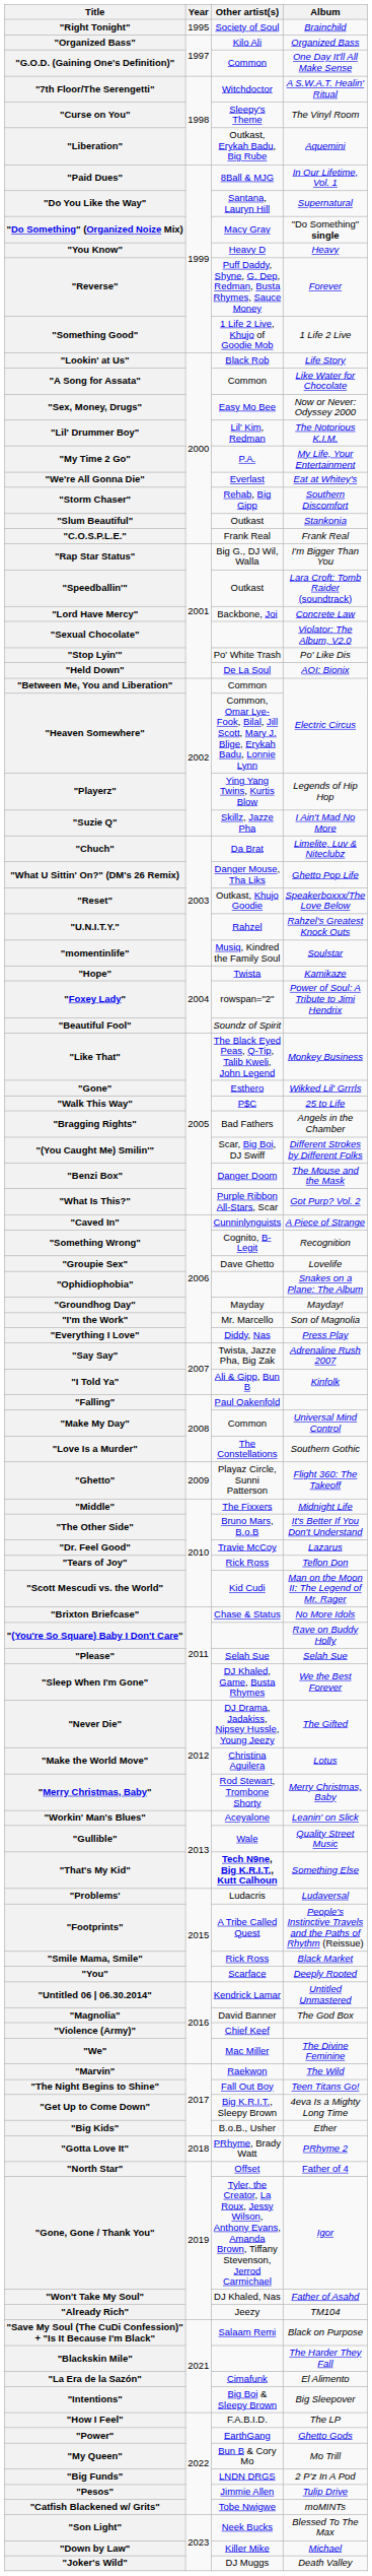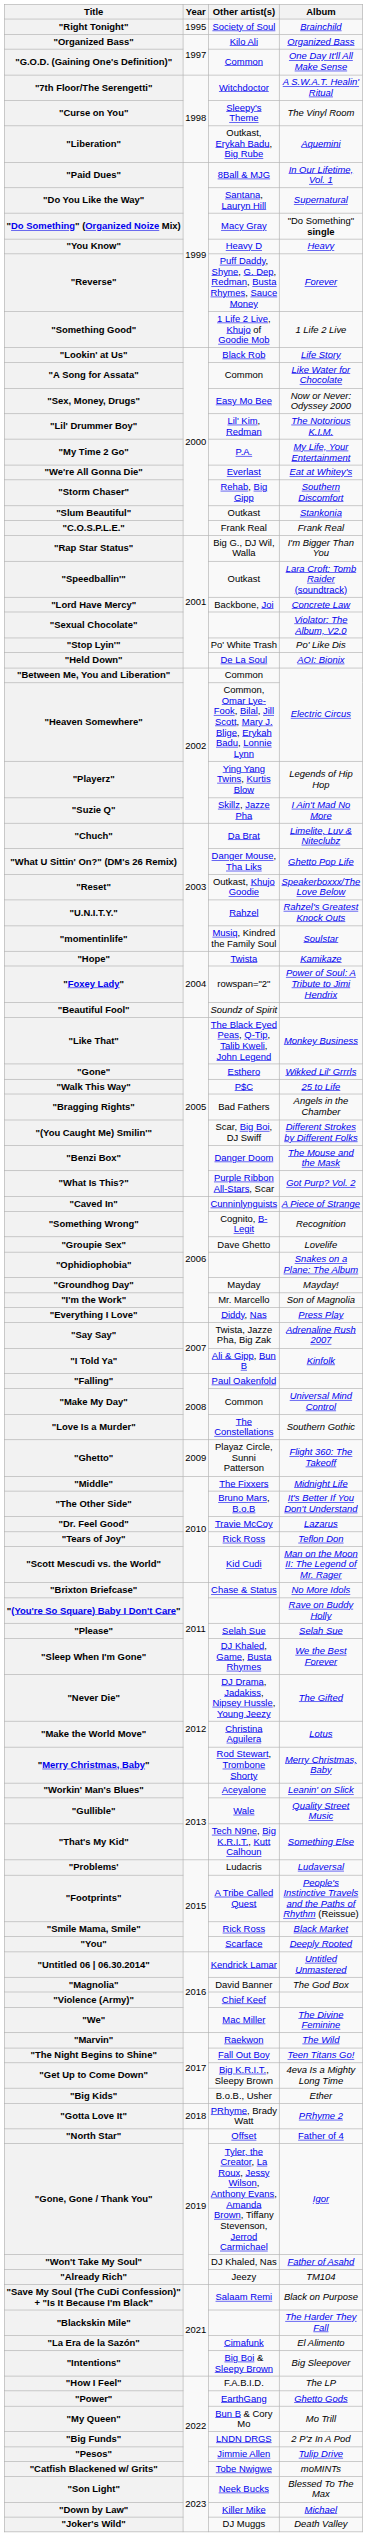 <table class="wikitable plainrowheaders" style="text-align:center;">
 <tr>
 <th scope="col" style="width:22.5em;">Title</th>
 <th scope="col">Year</th>
 <th scope="col">Other artist(s)</th>
 <th scope="col">Album</th>
 </tr>
 <tr>
 <th scope="row">"Right Tonight"</th>
 <td>1995</td>
 <td><a href='#'>Society of Soul</a></td>
 <td><em><a href='#'>Brainchild</a></em></td>
 </tr>
 <tr>
 <th scope="row">"Organized Bass"</th>
 <td rowspan="2">1997</td>
 <td><a href='#'>Kilo Ali</a></td>
 <td><em><a href='#'>Organized Bass</a></em></td>
 </tr>
 <tr>
 <th scope="row">"G.O.D. (Gaining One's Definition)"</th>
 <td><a href='#'>Common</a></td>
 <td><em><a href='#'>One Day It'll All Make Sense</a></em></td>
 </tr>
 <tr>
 <th scope="row">"7th Floor/The Serengetti"</th>
 <td rowspan="3">1998</td>
 <td><a href='#'>Witchdoctor</a></td>
 <td><em><a href='#'>A S.W.A.T. Healin' Ritual</a></em></td>
 </tr>
 <tr>
 <th scope="row">"Curse on You"</th>
 <td><a href='#'>Sleepy's Theme</a></td>
 <td><em>The Vinyl Room</em></td>
 </tr>
 <tr>
 <th scope="row">"Liberation"</th>
 <td>Outkast, <a href='#'>Erykah Badu</a>, <a href='#'>Big Rube</a></td>
 <td><em><a href='#'>Aquemini</a></em></td>
 </tr>
 <tr>
 <th scope="row">"Paid Dues"</th>
 <td rowspan="6">1999</td>
 <td><a href='#'>8Ball & MJG</a></td>
 <td><em><a href='#'>In Our Lifetime, Vol. 1</a></em></td>
 </tr>
 <tr>
 <th scope="row">"Do You Like the Way"</th>
 <td><a href='#'>Santana</a>, <a href='#'>Lauryn Hill</a></td>
 <td><em><a href='#'>Supernatural</a></em></td>
 </tr>
 <tr>
 <th scope="row">"<a href='#'>Do Something</a>" (<a href='#'>Organized Noize</a> Mix)</th>
 <td><a href='#'>Macy Gray</a></td>
 <td>"Do Something" <strong>single</strong></td>
 </tr>
 <tr>
 <th scope="row">"You Know"</th>
 <td><a href='#'>Heavy D</a></td>
 <td><em><a href='#'>Heavy</a></em></td>
 </tr>
 <tr>
 <th scope="row">"Reverse"</th>
 <td><a href='#'>Puff Daddy</a>, <a href='#'>Shyne</a>, <a href='#'>G. Dep</a>, <a href='#'>Redman</a>, <a href='#'>Busta Rhymes</a>, <a href='#'>Sauce Money</a></td>
 <td><em><a href='#'>Forever</a></em></td>
 </tr>
 <tr>
 <th scope="row">"Something Good"</th>
 <td><a href='#'>1 Life 2 Live</a>, <a href='#'>Khujo</a> of <a href='#'>Goodie Mob</a></td>
 <td><em>1 Life 2 Live</em></td>
 </tr>
 <tr>
 <th scope="row">"Lookin' at Us"</th>
 <td rowspan="9">2000</td>
 <td><a href='#'>Black Rob</a></td>
 <td><em><a href='#'>Life Story</a></em></td>
 </tr>
 <tr>
 <th scope="row">"A Song for Assata"</th>
 <td>Common</td>
 <td><em><a href='#'>Like Water for Chocolate</a></em></td>
 </tr>
 <tr>
 <th scope="row">"Sex, Money, Drugs"</th>
 <td><a href='#'>Easy Mo Bee</a></td>
 <td><em>Now or Never: Odyssey 2000</em></td>
 </tr>
 <tr>
 <th scope="row">"Lil' Drummer Boy"</th>
 <td><a href='#'>Lil' Kim</a>, <a href='#'>Redman</a></td>
 <td><em><a href='#'>The Notorious K.I.M.</a></em></td>
 </tr>
 <tr>
 <th scope="row">"My Time 2 Go"</th>
 <td><a href='#'>P.A.</a></td>
 <td><em><a href='#'>My Life, Your Entertainment</a></em></td>
 </tr>
 <tr>
 <th scope="row">"We're All Gonna Die"</th>
 <td><a href='#'>Everlast</a></td>
 <td><em><a href='#'>Eat at Whitey's</a></em></td>
 </tr>
 <tr>
 <th scope="row">"Storm Chaser"</th>
 <td><a href='#'>Rehab</a>, <a href='#'>Big Gipp</a></td>
 <td><em><a href='#'>Southern Discomfort</a></em></td>
 </tr>
 <tr>
 <th scope="row">"Slum Beautiful"</th>
 <td>Outkast</td>
 <td><em><a href='#'>Stankonia</a></em></td>
 </tr>
 <tr>
 <th scope="row">"C.O.S.P.L.E."</th>
 <td>Frank Real</td>
 <td><em>Frank Real</em></td>
 </tr>
 <tr>
 <th scope="row">"Rap Star Status"</th>
 <td rowspan="6">2001</td>
 <td>Big G., DJ Wil, Walla</td>
 <td><em>I'm Bigger Than You</em></td>
 </tr>
 <tr>
 <th scope="row">"Speedballin'"</th>
 <td>Outkast</td>
 <td><a href='#'><em>Lara Croft: Tomb Raider</em> (soundtrack)</a></td>
 </tr>
 <tr>
 <th scope="row">"Lord Have Mercy"</th>
 <td>Backbone, <a href='#'>Joi</a></td>
 <td><em><a href='#'>Concrete Law</a></em></td>
 </tr>
 <tr>
 <th scope="row">"Sexual Chocolate"</th>
 <td></td>
 <td><em><a href='#'>Violator: The Album, V2.0</a></em></td>
 </tr>
 <tr>
 <th scope="row">"Stop Lyin'"</th>
 <td>Po' White Trash</td>
 <td><em>Po' Like Dis</em></td>
 </tr>
 <tr>
 <th scope="row">"Held Down"</th>
 <td><a href='#'>De La Soul</a></td>
 <td><em><a href='#'>AOI: Bionix</a></em></td>
 </tr>
 <tr>
 <th scope="row">"Between Me, You and Liberation"</th>
 <td rowspan="4">2002</td>
 <td>Common</td>
 <td rowspan="2"><em><a href='#'>Electric Circus</a></em></td>
 </tr>
 <tr>
 <th scope="row">"Heaven Somewhere"</th>
 <td>Common, <a href='#'>Omar Lye-Fook</a>, <a href='#'>Bilal</a>, <a href='#'>Jill Scott</a>, <a href='#'>Mary J. Blige</a>, <a href='#'>Erykah Badu</a>, <a href='#'>Lonnie Lynn</a></td>
 </tr>
 <tr>
 <th scope="row">"Playerz"</th>
 <td><a href='#'>Ying Yang Twins</a>, <a href='#'>Kurtis Blow</a></td>
 <td><em>Legends of Hip Hop</em></td>
 </tr>
 <tr>
 <th scope="row">"Suzie Q"</th>
 <td><a href='#'>Skillz</a>, <a href='#'>Jazze Pha</a></td>
 <td><em><a href='#'>I Ain't Mad No More</a></em></td>
 </tr>
 <tr>
 <th scope="row">"Chuch"</th>
 <td rowspan="5">2003</td>
 <td><a href='#'>Da Brat</a></td>
 <td><em><a href='#'>Limelite, Luv & Niteclubz</a></em></td>
 </tr>
 <tr>
 <th scope="row">"What U Sittin' On?" (DM's 26 Remix)</th>
 <td><a href='#'>Danger Mouse</a>, <a href='#'>Tha Liks</a></td>
 <td><em><a href='#'>Ghetto Pop Life</a></em></td>
 </tr>
 <tr>
 <th scope="row">"Reset"</th>
 <td>Outkast, <a href='#'>Khujo Goodie</a></td>
 <td><em><a href='#'>Speakerboxxx/The Love Below</a></em></td>
 </tr>
 <tr>
 <th scope="row">"U.N.I.T.Y."</th>
 <td><a href='#'>Rahzel</a></td>
 <td><em><a href='#'>Rahzel's Greatest Knock Outs</a></em></td>
 </tr>
 <tr>
 <th scope="row">"momentinlife"</th>
 <td><a href='#'>Musiq</a>, Kindred the Family Soul</td>
 <td><em><a href='#'>Soulstar</a></em></td>
 </tr>
 <tr>
 <th scope="row">"Hope"</th>
 <td rowspan="3">2004</td>
 <td><a href='#'>Twista</a></td>
 <td><em><a href='#'>Kamikaze</a></em></td>
 </tr>
 <tr>
 <th scope="row">"<a href='#'>Foxey Lady</a>"</th>
 <td>rowspan="2" </td>
 <td><em><a href='#'>Power of Soul: A Tribute to Jimi Hendrix</a></em></td>
 </tr>
 <tr>
 <th scope="row">"Beautiful Fool"</th>
 <td><em>Soundz of Spirit</em></td>
 </tr>
 <tr>
 <th scope="row">"Like That"</th>
 <td rowspan="7">2005</td>
 <td><a href='#'>The Black Eyed Peas</a>, <a href='#'>Q-Tip</a>, <a href='#'>Talib Kweli</a>, <a href='#'>John Legend</a></td>
 <td><em><a href='#'>Monkey Business</a></em></td>
 </tr>
 <tr>
 <th scope="row">"Gone"</th>
 <td><a href='#'>Esthero</a></td>
 <td><em><a href='#'>Wikked Lil' Grrrls</a></em></td>
 </tr>
 <tr>
 <th scope="row">"Walk This Way"</th>
 <td><a href='#'>P$C</a></td>
 <td><em><a href='#'>25 to Life</a></em></td>
 </tr>
 <tr>
 <th scope="row">"Bragging Rights"</th>
 <td>Bad Fathers</td>
 <td><em>Angels in the Chamber</em></td>
 </tr>
 <tr>
 <th scope="row">"(You Caught Me) Smilin'"</th>
 <td>Scar, <a href='#'>Big Boi</a>, DJ Swiff</td>
 <td><em><a href='#'>Different Strokes by Different Folks</a></em></td>
 </tr>
 <tr>
 <th scope="row">"Benzi Box"</th>
 <td><a href='#'>Danger Doom</a></td>
 <td><em><a href='#'>The Mouse and the Mask</a></em></td>
 </tr>
 <tr>
 <th scope="row">"What Is This?"</th>
 <td><a href='#'>Purple Ribbon All-Stars</a>, Scar</td>
 <td><em><a href='#'>Got Purp? Vol. 2</a></em></td>
 </tr>
 <tr>
 <th scope="row">"Caved In"</th>
 <td rowspan="7">2006</td>
 <td><a href='#'>Cunninlynguists</a></td>
 <td><em><a href='#'>A Piece of Strange</a></em></td>
 </tr>
 <tr>
 <th scope="row">"Something Wrong"</th>
 <td>Cognito, <a href='#'>B-Legit</a></td>
 <td><em>Recognition</em></td>
 </tr>
 <tr>
 <th scope="row">"Groupie Sex"</th>
 <td>Dave Ghetto</td>
 <td><em>Lovelife</em></td>
 </tr>
 <tr>
 <th scope="row">"Ophidiophobia"</th>
 <td></td>
 <td><em><a href='#'>Snakes on a Plane: The Album</a></em></td>
 </tr>
 <tr>
 <th scope="row">"Groundhog Day"</th>
 <td>Mayday</td>
 <td><em>Mayday!</em></td>
 </tr>
 <tr>
 <th scope="row">"I'm the Work"</th>
 <td>Mr. Marcello</td>
 <td><em>Son of Magnolia</em></td>
 </tr>
 <tr>
 <th scope="row">"Everything I Love"</th>
 <td><a href='#'>Diddy</a>, <a href='#'>Nas</a></td>
 <td><em><a href='#'>Press Play</a></em></td>
 </tr>
 <tr>
 <th scope="row">"Say Say"</th>
 <td rowspan="2">2007</td>
 <td>Twista, Jazze Pha, Big Zak</td>
 <td><em><a href='#'>Adrenaline Rush 2007</a></em></td>
 </tr>
 <tr>
 <th scope="row">"I Told Ya"</th>
 <td><a href='#'>Ali & Gipp</a>, <a href='#'>Bun B</a></td>
 <td><em><a href='#'>Kinfolk</a></em></td>
 </tr>
 <tr>
 <th scope="row">"Falling"</th>
 <td rowspan="3">2008</td>
 <td><a href='#'>Paul Oakenfold</a></td>
 <td></td>
 </tr>
 <tr>
 <th scope="row">"Make My Day"</th>
 <td>Common</td>
 <td><em><a href='#'>Universal Mind Control</a></em></td>
 </tr>
 <tr>
 <th scope="row">"Love Is a Murder"</th>
 <td><a href='#'>The Constellations</a></td>
 <td><em>Southern Gothic</em></td>
 </tr>
 <tr>
 <th>"Ghetto"</th>
 <td>2009</td>
 <td>Playaz Circle, Sunni Patterson</td>
 <td><a href='#'><em>Flight 360: The Takeoff</em></a></td>
 </tr>
 <tr>
 <th scope="row">"Middle"</th>
 <td rowspan="5">2010</td>
 <td><a href='#'>The Fixxers</a></td>
 <td><em><a href='#'>Midnight Life</a></em></td>
 </tr>
 <tr>
 <th scope="row">"The Other Side"</th>
 <td><a href='#'>Bruno Mars</a>, <a href='#'>B.o.B</a></td>
 <td><em><a href='#'>It's Better If You Don't Understand</a></em></td>
 </tr>
 <tr>
 <th scope="row">"Dr. Feel Good"</th>
 <td><a href='#'>Travie McCoy</a></td>
 <td><em><a href='#'>Lazarus</a></em></td>
 </tr>
 <tr>
 <th scope="row">"Tears of Joy"</th>
 <td><a href='#'>Rick Ross</a></td>
 <td><em><a href='#'>Teflon Don</a></em></td>
 </tr>
 <tr>
 <th scope="row">"Scott Mescudi vs. the World"</th>
 <td><a href='#'>Kid Cudi</a></td>
 <td><em><a href='#'>Man on the Moon II: The Legend of Mr. Rager</a></em></td>
 </tr>
 <tr>
 <th scope="row">"Brixton Briefcase"</th>
 <td rowspan="4">2011</td>
 <td><a href='#'>Chase & Status</a></td>
 <td><em><a href='#'>No More Idols</a></em></td>
 </tr>
 <tr>
 <th scope="row">"<a href='#'>(You're So Square) Baby I Don't Care</a>"</th>
 <td></td>
 <td><em><a href='#'>Rave on Buddy Holly</a></em></td>
 </tr>
 <tr>
 <th scope="row">"Please"</th>
 <td><a href='#'>Selah Sue</a></td>
 <td><em><a href='#'>Selah Sue</a></em></td>
 </tr>
 <tr>
 <th scope="row">"Sleep When I'm Gone"</th>
 <td><a href='#'>DJ Khaled</a>, <a href='#'>Game</a>, <a href='#'>Busta Rhymes</a></td>
 <td><em><a href='#'>We the Best Forever</a></em></td>
 </tr>
 <tr>
 <th scope="row">"Never Die"</th>
 <td rowspan="3">2012</td>
 <td><a href='#'>DJ Drama</a>, <a href='#'>Jadakiss</a>, <a href='#'>Nipsey Hussle</a>, <a href='#'>Young Jeezy</a></td>
 <td><em><a href='#'>The Gifted</a></em></td>
 </tr>
 <tr>
 <th scope="row">"Make the World Move"</th>
 <td><a href='#'>Christina Aguilera</a></td>
 <td><em><a href='#'>Lotus</a></em></td>
 </tr>
 <tr>
 <th scope="row">"<a href='#'>Merry Christmas, Baby</a>"</th>
 <td><a href='#'>Rod Stewart</a>, <a href='#'>Trombone Shorty</a></td>
 <td><em><a href='#'>Merry Christmas, Baby</a></em></td>
 </tr>
 <tr>
 <th scope="row">"Workin' Man's Blues"</th>
 <td rowspan="3">2013</td>
 <td><a href='#'>Aceyalone</a></td>
 <td><em><a href='#'>Leanin' on Slick</a></em></td>
 </tr>
 <tr>
 <th scope="row">"Gullible"</th>
 <td><a href='#'>Wale</a></td>
 <td><em><a href='#'>Quality Street Music</a></em></td>
 </tr>
 <tr>
 <th scope="row">"That's My Kid"</th>
-<td><strong><a href='#'>Tech N9ne</a>, <a href='#'>Big K.R.I.T.</a>, <a href='#'>Kutt Calhoun</a></strong></td>
+<td><a href='#'>Tech N9ne</a>, <a href='#'>Big K.R.I.T.</a>, <a href='#'>Kutt Calhoun</a></td>
 <td><em><a href='#'>Something Else</a></em></td>
 </tr>
 <tr>
 <th>"Problems'</th>
 <td rowspan="4">2015</td>
 <td>Ludacris</td>
 <td><em><a href='#'>Ludaversal</a></em></td>
 </tr>
 <tr>
 <th>"Footprints"</th>
 <td><a href='#'>A Tribe Called Quest</a></td>
 <td><a href='#'><em>People's Instinctive Travels and the Paths of Rhythm</em></a> (Reissue)</td>
 </tr>
 <tr>
 <th scope="row">"Smile Mama, Smile"</th>
 <td><a href='#'>Rick Ross</a></td>
 <td><em><a href='#'>Black Market</a></em></td>
 </tr>
 <tr>
 <th scope="row">"You"</th>
 <td><a href='#'>Scarface</a></td>
 <td><em><a href='#'>Deeply Rooted</a></em></td>
 </tr>
 <tr>
 <th scope="row">"Untitled 06 | 06.30.2014"</th>
 <td rowspan="4">2016</td>
 <td><a href='#'>Kendrick Lamar</a></td>
 <td><em><a href='#'>Untitled Unmastered</a></em></td>
 </tr>
 <tr>
 <th>"Magnolia"</th>
 <td>David Banner</td>
 <td><em>The God Box</em></td>
 </tr>
 <tr>
 <th scope="row">"Violence (Army)"</th>
 <td><a href='#'>Chief Keef</a></td>
 <td></td>
 </tr>
 <tr>
 <th scope="row">"We"</th>
 <td><a href='#'>Mac Miller</a></td>
 <td><em><a href='#'>The Divine Feminine</a></em></td>
 </tr>
 <tr>
 <th scope="row">"Marvin"</th>
 <td rowspan="4">2017</td>
 <td><a href='#'>Raekwon</a></td>
 <td><em><a href='#'>The Wild</a></em></td>
 </tr>
 <tr>
 <th scope="row">"The Night Begins to Shine"</th>
 <td><a href='#'>Fall Out Boy</a></td>
 <td><em><a href='#'>Teen Titans Go!</a></em></td>
 </tr>
 <tr>
 <th>"Get Up to Come Down"</th>
 <td><a href='#'>Big K.R.I.T.</a>, Sleepy Brown</td>
 <td><em>4eva Is a Mighty Long Time</em></td>
 </tr>
 <tr>
 <th>"Big Kids"</th>
 <td>B.o.B., Usher</td>
 <td><em>Ether</em></td>
 </tr>
 <tr>
 <th scope="row">"Gotta Love It"</th>
 <td>2018</td>
 <td><a href='#'>PRhyme</a>, Brady Watt</td>
 <td><em><a href='#'>PRhyme 2</a></em></td>
 </tr>
 <tr>
 <th scope="row">"North Star"</th>
 <td rowspan="4">2019</td>
 <td><a href='#'>Offset</a></td>
 <td><a href='#'>Father of 4</a></td>
 </tr>
 <tr>
 <th scope="row">"Gone, Gone / Thank You"</th>
 <td><a href='#'>Tyler, the Creator</a>, <a href='#'>La Roux</a>, <a href='#'>Jessy Wilson</a>, <a href='#'>Anthony Evans</a>, <a href='#'>Amanda Brown</a>, Tiffany Stevenson, <a href='#'>Jerrod Carmichael</a></td>
 <td><em><a href='#'>Igor</a></em></td>
 </tr>
 <tr>
 <th>"Won't Take My Soul"</th>
 <td>DJ Khaled, Nas</td>
 <td><a href='#'><em>Father of Asahd</em></a></td>
 </tr>
 <tr>
 <th>"Already Rich"</th>
 <td>Jeezy</td>
 <td><em>TM104</em></td>
 </tr>
 <tr>
 <th scope="row">"Save My Soul (The CuDi Confession)" + "Is It Because I'm Black"</th>
 <td rowspan="4">2021</td>
 <td><a href='#'>Salaam Remi</a></td>
 <td><em>Black on Purpose</em></td>
 </tr>
 <tr>
 <th>"Blackskin Mile"</th>
 <td></td>
 <td><em><a href='#'>The Harder They Fall</a></em></td>
 </tr>
 <tr>
 <th scope="row">"La Era de la Sazón"</th>
 <td><a href='#'>Cimafunk</a></td>
 <td><em>El Alimento</em></td>
 </tr>
 <tr>
 <th scope="row">"Intentions"</th>
 <td><a href='#'>Big Boi</a> & <a href='#'>Sleepy Brown</a></td>
 <td><em>Big Sleepover</em></td>
 </tr>
 <tr>
 <th scope="row">"How I Feel"</th>
 <td rowspan="6">2022</td>
 <td>F.A.B.I.D.</td>
 <td><em>The LP</em></td>
 </tr>
 <tr>
 <th scope="row">"Power"</th>
 <td><a href='#'>EarthGang</a></td>
 <td><em><a href='#'>Ghetto Gods</a></em></td>
 </tr>
 <tr>
 <th scope="row">"My Queen"</th>
 <td><a href='#'>Bun B</a> & Cory Mo</td>
 <td><em>Mo Trill</em></td>
 </tr>
 <tr>
 <th scope="row">"Big Funds"</th>
 <td><a href='#'>LNDN DRGS</a></td>
 <td><em>2 P’z In A Pod</em></td>
 </tr>
 <tr>
 <th scope="row">"Pesos"</th>
 <td><a href='#'>Jimmie Allen</a></td>
 <td><em><a href='#'>Tulip Drive</a></em></td>
 </tr>
 <tr>
 <th scope="row">"Catfish Blackened w/ Grits"</th>
 <td><a href='#'>Tobe Nwigwe</a></td>
 <td><em>moMINTs</em></td>
 </tr>
 <tr>
 <th scope="row">"Son Light"</th>
 <td rowspan="3">2023</td>
 <td><a href='#'>Neek Bucks</a></td>
 <td><em>Blessed To The Max</em></td>
 </tr>
 <tr>
 <th scope="row">"Down by Law"</th>
 <td><a href='#'>Killer Mike</a></td>
 <td><em><a href='#'>Michael</a></em></td>
 </tr>
 <tr>
 <th>"Joker's Wild"</th>
 <td>DJ Muggs</td>
 <td><em>Death Valley</em></td>
 </tr>
 </table>
